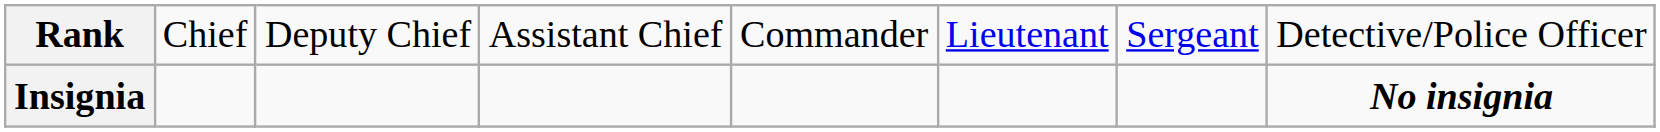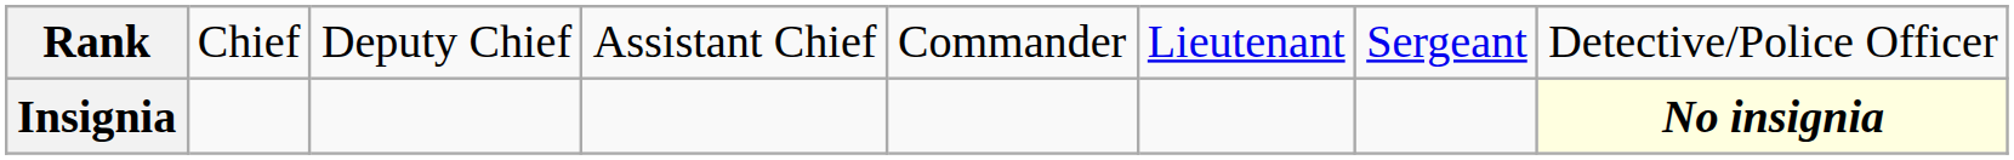 <table class="wikitable">
 <tr style="text-align:center;">
 <th>Rank</th>
 <td>Chief</td>
 <td>Deputy Chief</td>
 <td>Assistant Chief</td>
 <td>Commander</td>
 <td><a href='#'>Lieutenant</a></td>
 <td><a href='#'>Sergeant</a></td>
 <td>Detective/Police Officer</td>
 </tr>
 <tr style="text-align:center;">
 <th>Insignia</th>
 <td></td>
 <td></td>
 <td></td>
 <td></td>
 <td></td>
 <td></td>
-<td><strong><em>No insignia</em></strong></td>
+<td style="background: lightyellow;"><strong><em>No insignia</em></strong></td>
 </tr>
 </table>
